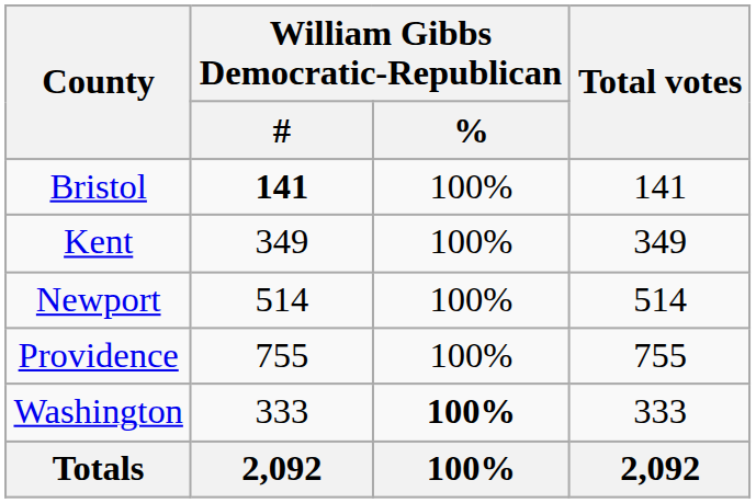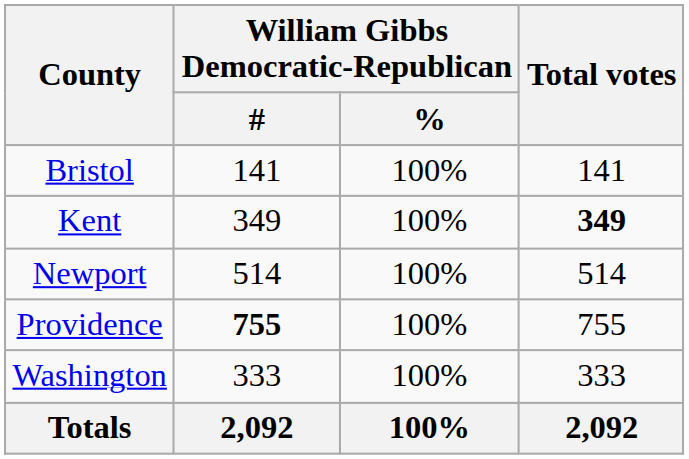 <table class="wikitable sortable">
 <tr>
 <th rowspan="2" scope="col">County</th>
 <th colspan="2" scope="col">William Gibbs<br>Democratic-Republican</th>
 <th rowspan="2" scope="col">Total votes</th>
 </tr>
 <tr>
 <th>#</th>
 <th>%</th>
 </tr>
 <tr>
 <td align="center"><a href='#'>Bristol</a></td>
-<td align="center"><strong>141</strong></td>
+<td align="center">141</td>
 <td align="center">100%</td>
 <td align="center">141</td>
 </tr>
 <tr>
 <td align="center"><a href='#'>Kent</a></td>
 <td align="center">349</td>
 <td align="center">100%</td>
-<td align="center">349</td>
+<td align="center"><strong>349</strong></td>
 </tr>
 <tr>
 <td align="center"><a href='#'>Newport</a></td>
 <td align="center">514</td>
 <td align="center">100%</td>
 <td align="center">514</td>
 </tr>
 <tr>
 <td align="center"><a href='#'>Providence</a></td>
-<td align="center">755</td>
+<td align="center"><strong>755</strong></td>
 <td align="center">100%</td>
 <td align="center">755</td>
 </tr>
 <tr>
 <td align="center"><a href='#'>Washington</a></td>
 <td align="center">333</td>
-<td align="center"><strong>100%</strong></td>
+<td align="center">100%</td>
 <td align="center">333</td>
 </tr>
 <tr>
 <th>Totals</th>
 <th>2,092</th>
 <th>100%</th>
 <th>2,092</th>
 </tr>
 </table>
